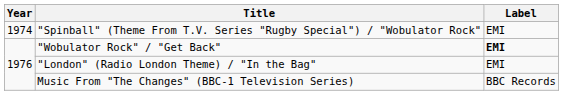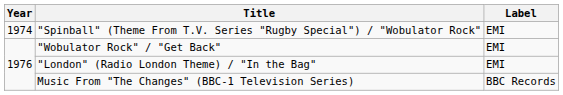 <table class="wikitable sortable">
 <tr>
 <th>Year</th>
 <th>Title</th>
 <th>Label</th>
 </tr>
 <tr>
 <td>1974</td>
 <td>"Spinball" (Theme From T.V. Series "Rugby Special") / "Wobulator Rock"</td>
 <td>EMI </td>
 </tr>
 <tr>
 <td rowspan="3">1976</td>
 <td>"Wobulator Rock" / "Get Back"</td>
-<td><strong>EMI </strong></td>
+<td>EMI </td>
 </tr>
 <tr>
 <td>"London" (Radio London Theme) / "In the Bag" </td>
 <td>EMI </td>
 </tr>
 <tr>
 <td>Music From "The Changes" (BBC-1 Television Series)</td>
 <td>BBC Records </td>
 </tr>
 </table>
